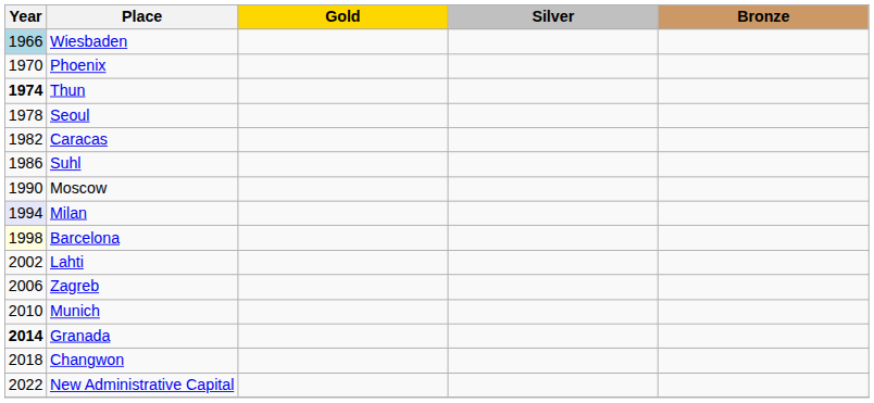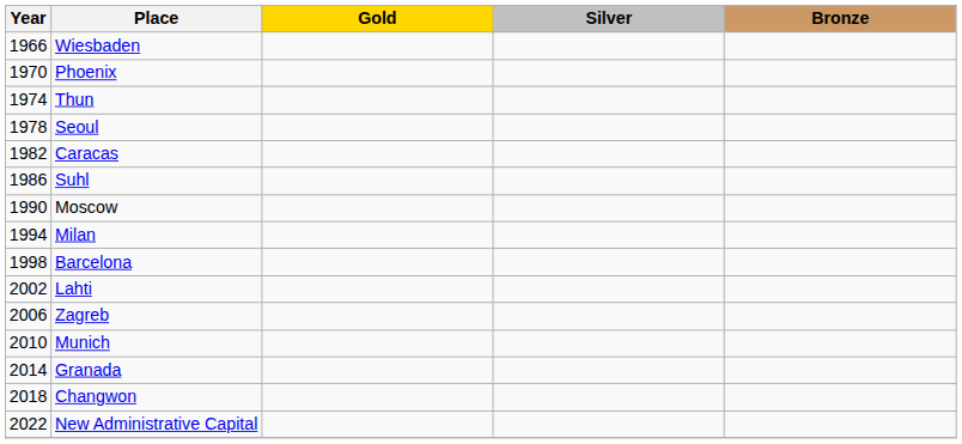 <table class="wikitable">
 <tr>
 <th>Year</th>
 <th>Place</th>
 <th style="background:gold"    width="210">Gold</th>
 <th style="background:silver"  width="210">Silver</th>
 <th style="background:#cc9966" width="210">Bronze</th>
 </tr>
 <tr>
-<td style="background: lightblue;">1966</td>
+<td>1966</td>
 <td> <a href='#'>Wiesbaden</a></td>
 <td></td>
 <td></td>
 <td></td>
 </tr>
 <tr>
 <td>1970</td>
 <td> <a href='#'>Phoenix</a></td>
 <td></td>
 <td></td>
 <td></td>
 </tr>
 <tr>
-<td><strong>1974</strong></td>
+<td>1974</td>
 <td> <a href='#'>Thun</a></td>
 <td></td>
 <td></td>
 <td></td>
 </tr>
 <tr>
 <td>1978</td>
 <td> <a href='#'>Seoul</a></td>
 <td></td>
 <td></td>
 <td></td>
 </tr>
 <tr>
 <td>1982</td>
 <td> <a href='#'>Caracas</a></td>
 <td></td>
 <td></td>
 <td></td>
 </tr>
 <tr>
 <td>1986</td>
 <td> <a href='#'>Suhl</a></td>
 <td></td>
 <td></td>
 <td></td>
 </tr>
 <tr>
 <td>1990</td>
 <td> Moscow</td>
 <td></td>
 <td></td>
 <td></td>
 </tr>
 <tr>
-<td style="background: lavender;">1994</td>
+<td>1994</td>
 <td> <a href='#'>Milan</a></td>
 <td></td>
 <td></td>
 <td></td>
 </tr>
 <tr>
-<td style="background: lightyellow;">1998</td>
+<td>1998</td>
 <td> <a href='#'>Barcelona</a></td>
 <td></td>
 <td></td>
 <td></td>
 </tr>
 <tr>
 <td>2002</td>
 <td> <a href='#'>Lahti</a></td>
 <td></td>
 <td></td>
 <td></td>
 </tr>
 <tr>
 <td>2006</td>
 <td> <a href='#'>Zagreb</a></td>
 <td></td>
 <td></td>
 <td></td>
 </tr>
 <tr>
 <td>2010</td>
 <td> <a href='#'>Munich</a></td>
 <td></td>
 <td></td>
 <td></td>
 </tr>
 <tr>
-<td><strong>2014</strong></td>
+<td>2014</td>
 <td> <a href='#'>Granada</a></td>
 <td></td>
 <td></td>
 <td></td>
 </tr>
 <tr>
 <td>2018</td>
 <td> <a href='#'>Changwon</a></td>
 <td></td>
 <td></td>
 <td></td>
 </tr>
 <tr>
 <td>2022</td>
 <td> <a href='#'>New Administrative Capital</a></td>
 <td></td>
 <td></td>
 <td></td>
 </tr>
 <tr>
 </tr>
 </table>
